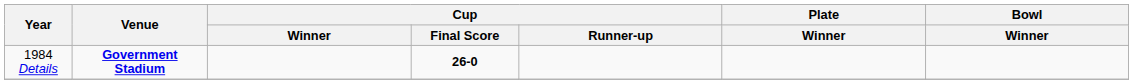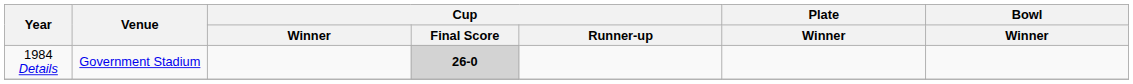 <table class="wikitable" style="font-size:90%; width: 100%; text-align: center;">
 <tr>
 <th rowspan=2 width=5%>Year</th>
 <th rowspan=2 width=10%>Venue</th>
 <th colspan=3>Cup</th>
 <th>Plate</th>
 <th>Bowl</th>
 </tr>
 <tr>
 <th width=15%>Winner</th>
 <th width=8%>Final Score</th>
 <th width=15%>Runner-up</th>
 <th width=15%>Winner</th>
 <th width=15%>Winner</th>
 </tr>
 <tr>
 <td>1984<br> <em><a href='#'>Details</a></em></td>
-<td><strong><a href='#'>Government Stadium</a></strong></td>
+<td><a href='#'>Government Stadium</a></td>
 <td><strong></strong></td>
-<td><strong>26-0</strong></td>
+<td style="background: lightgrey;"><strong>26-0</strong></td>
 <td></td>
 <td></td>
 <td></td>
 </tr>
 <tr>
 </tr>
 </table>
